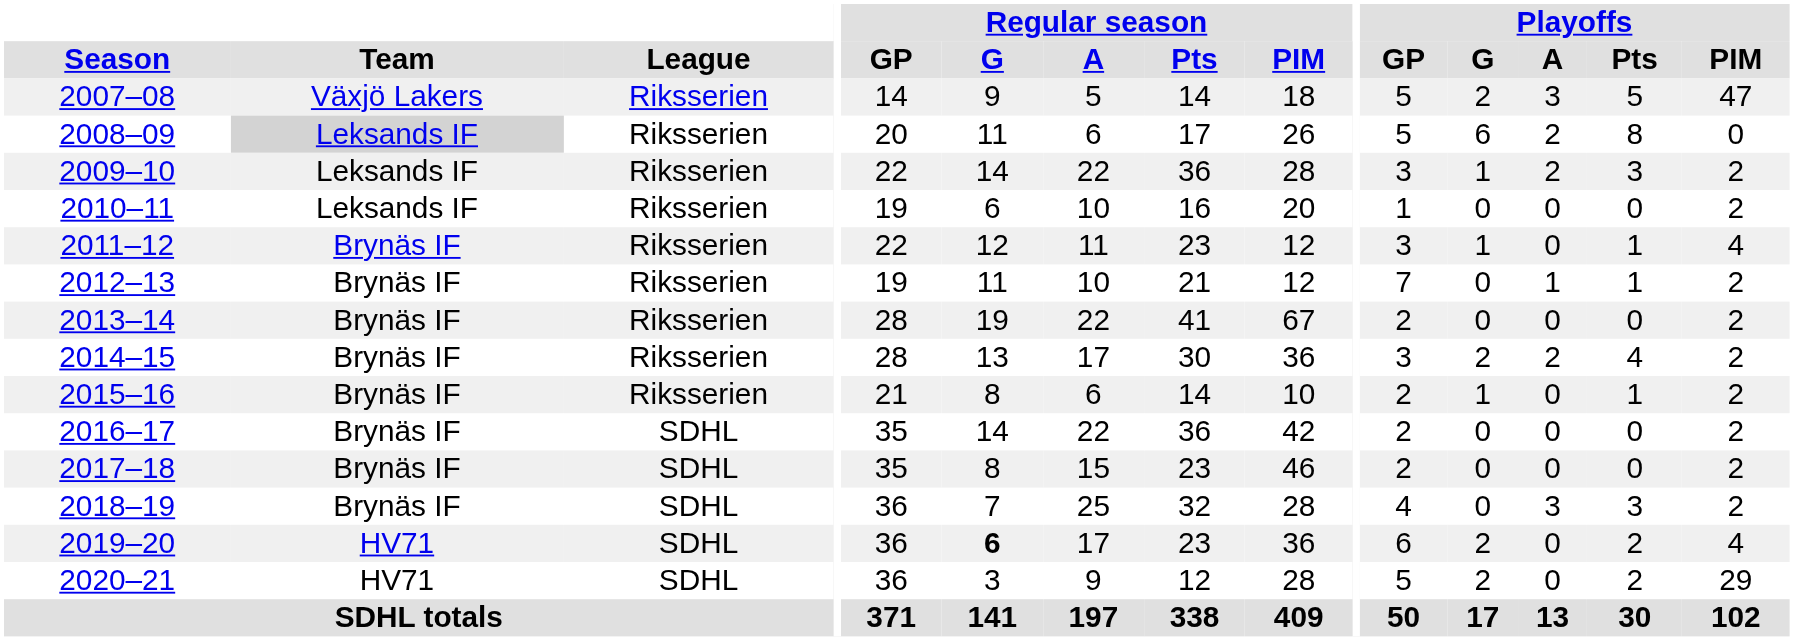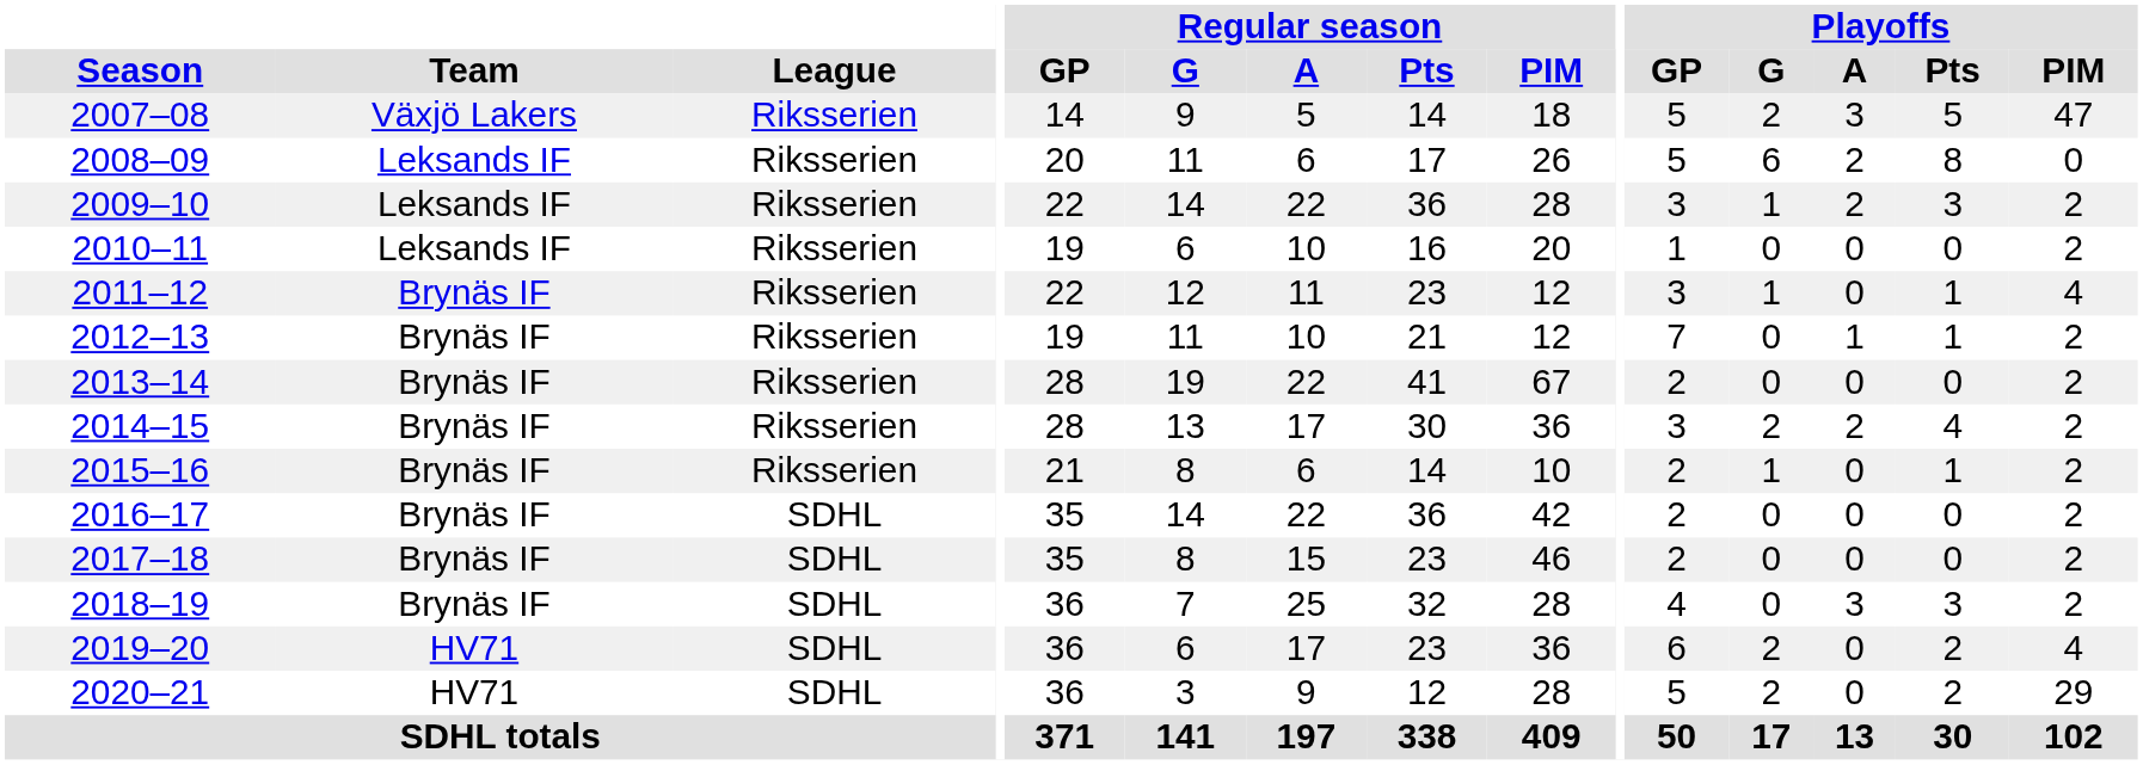 <table border="0" cellpadding="1" cellspacing="0" style="text-align:center; width:60em">
 <tr bgcolor="#e0e0e0">
 <th colspan="3" bgcolor="#ffffff"></th>
 <th rowspan="100" bgcolor="#ffffff"></th>
 <th colspan="5"><a href='#'>Regular season</a></th>
 <th rowspan="100" bgcolor="#ffffff"></th>
 <th colspan="5"><a href='#'>Playoffs</a></th>
 </tr>
 <tr bgcolor="#e0e0e0">
 <th><a href='#'>Season</a></th>
 <th>Team</th>
 <th>League</th>
 <th>GP</th>
 <th><a href='#'>G</a></th>
 <th><a href='#'>A</a></th>
 <th><a href='#'>Pts</a></th>
 <th><a href='#'>PIM</a></th>
 <th>GP</th>
 <th>G</th>
 <th>A</th>
 <th>Pts</th>
 <th>PIM</th>
 </tr>
 <tr style="background:#f0f0f0;">
 <td><a href='#'>2007–08</a></td>
 <td><a href='#'>Växjö Lakers</a></td>
 <td><a href='#'>Riksserien</a></td>
 <td>14</td>
 <td>9</td>
 <td>5</td>
 <td>14</td>
 <td>18</td>
 <td>5</td>
 <td>2</td>
 <td>3</td>
 <td>5</td>
 <td>47</td>
 </tr>
 <tr>
 <td><a href='#'>2008–09</a></td>
-<td style="background: lightgrey;"><a href='#'>Leksands IF</a></td>
+<td><a href='#'>Leksands IF</a></td>
 <td>Riksserien</td>
 <td>20</td>
 <td>11</td>
 <td>6</td>
 <td>17</td>
 <td>26</td>
 <td>5</td>
 <td>6</td>
 <td>2</td>
 <td>8</td>
 <td>0</td>
 </tr>
 <tr style="background:#f0f0f0;">
 <td><a href='#'>2009–10</a></td>
 <td>Leksands IF</td>
 <td>Riksserien</td>
 <td>22</td>
 <td>14</td>
 <td>22</td>
 <td>36</td>
 <td>28</td>
 <td>3</td>
 <td>1</td>
 <td>2</td>
 <td>3</td>
 <td>2</td>
 </tr>
 <tr>
 <td><a href='#'>2010–11</a></td>
 <td>Leksands IF</td>
 <td>Riksserien</td>
 <td>19</td>
 <td>6</td>
 <td>10</td>
 <td>16</td>
 <td>20</td>
 <td>1</td>
 <td>0</td>
 <td>0</td>
 <td>0</td>
 <td>2</td>
 </tr>
 <tr style="background:#f0f0f0;">
 <td><a href='#'>2011–12</a></td>
 <td><a href='#'>Brynäs IF</a></td>
 <td>Riksserien</td>
 <td>22</td>
 <td>12</td>
 <td>11</td>
 <td>23</td>
 <td>12</td>
 <td>3</td>
 <td>1</td>
 <td>0</td>
 <td>1</td>
 <td>4</td>
 </tr>
 <tr>
 <td><a href='#'>2012–13</a></td>
 <td>Brynäs IF</td>
 <td>Riksserien</td>
 <td>19</td>
 <td>11</td>
 <td>10</td>
 <td>21</td>
 <td>12</td>
 <td>7</td>
 <td>0</td>
 <td>1</td>
 <td>1</td>
 <td>2</td>
 </tr>
 <tr style="background:#f0f0f0;">
 <td><a href='#'>2013–14</a></td>
 <td>Brynäs IF</td>
 <td>Riksserien</td>
 <td>28</td>
 <td>19</td>
 <td>22</td>
 <td>41</td>
 <td>67</td>
 <td>2</td>
 <td>0</td>
 <td>0</td>
 <td>0</td>
 <td>2</td>
 </tr>
 <tr>
 <td><a href='#'>2014–15</a></td>
 <td>Brynäs IF</td>
 <td>Riksserien</td>
 <td>28</td>
 <td>13</td>
 <td>17</td>
 <td>30</td>
 <td>36</td>
 <td>3</td>
 <td>2</td>
 <td>2</td>
 <td>4</td>
 <td>2</td>
 </tr>
 <tr style="background:#f0f0f0;">
 <td><a href='#'>2015–16</a></td>
 <td>Brynäs IF</td>
 <td>Riksserien</td>
 <td>21</td>
 <td>8</td>
 <td>6</td>
 <td>14</td>
 <td>10</td>
 <td>2</td>
 <td>1</td>
 <td>0</td>
 <td>1</td>
 <td>2</td>
 </tr>
 <tr>
 <td><a href='#'>2016–17</a></td>
 <td>Brynäs IF</td>
 <td>SDHL</td>
 <td>35</td>
 <td>14</td>
 <td>22</td>
 <td>36</td>
 <td>42</td>
 <td>2</td>
 <td>0</td>
 <td>0</td>
 <td>0</td>
 <td>2</td>
 </tr>
 <tr style="background:#f0f0f0;">
 <td><a href='#'>2017–18</a></td>
 <td>Brynäs IF</td>
 <td>SDHL</td>
 <td>35</td>
 <td>8</td>
 <td>15</td>
 <td>23</td>
 <td>46</td>
 <td>2</td>
 <td>0</td>
 <td>0</td>
 <td>0</td>
 <td>2</td>
 </tr>
 <tr>
 <td><a href='#'>2018–19</a></td>
 <td>Brynäs IF</td>
 <td>SDHL</td>
 <td>36</td>
 <td>7</td>
 <td>25</td>
 <td>32</td>
 <td>28</td>
 <td>4</td>
 <td>0</td>
 <td>3</td>
 <td>3</td>
 <td>2</td>
 </tr>
 <tr style="background:#f0f0f0;">
 <td><a href='#'>2019–20</a></td>
 <td><a href='#'>HV71</a></td>
 <td>SDHL</td>
 <td>36</td>
-<td><strong>6</strong></td>
+<td>6</td>
 <td>17</td>
 <td>23</td>
 <td>36</td>
 <td>6</td>
 <td>2</td>
 <td>0</td>
 <td>2</td>
 <td>4</td>
 </tr>
 <tr>
 <td><a href='#'>2020–21</a></td>
 <td>HV71</td>
 <td>SDHL</td>
 <td>36</td>
 <td>3</td>
 <td>9</td>
 <td>12</td>
 <td>28</td>
 <td>5</td>
 <td>2</td>
 <td>0</td>
 <td>2</td>
 <td>29</td>
 </tr>
 <tr style="text-align:center; background:#e0e0e0;">
 <th colspan="3">SDHL totals</th>
 <th>371</th>
 <th>141</th>
 <th>197</th>
 <th>338</th>
 <th>409</th>
 <th>50</th>
 <th>17</th>
 <th>13</th>
 <th>30</th>
 <th>102</th>
 </tr>
 </table>
